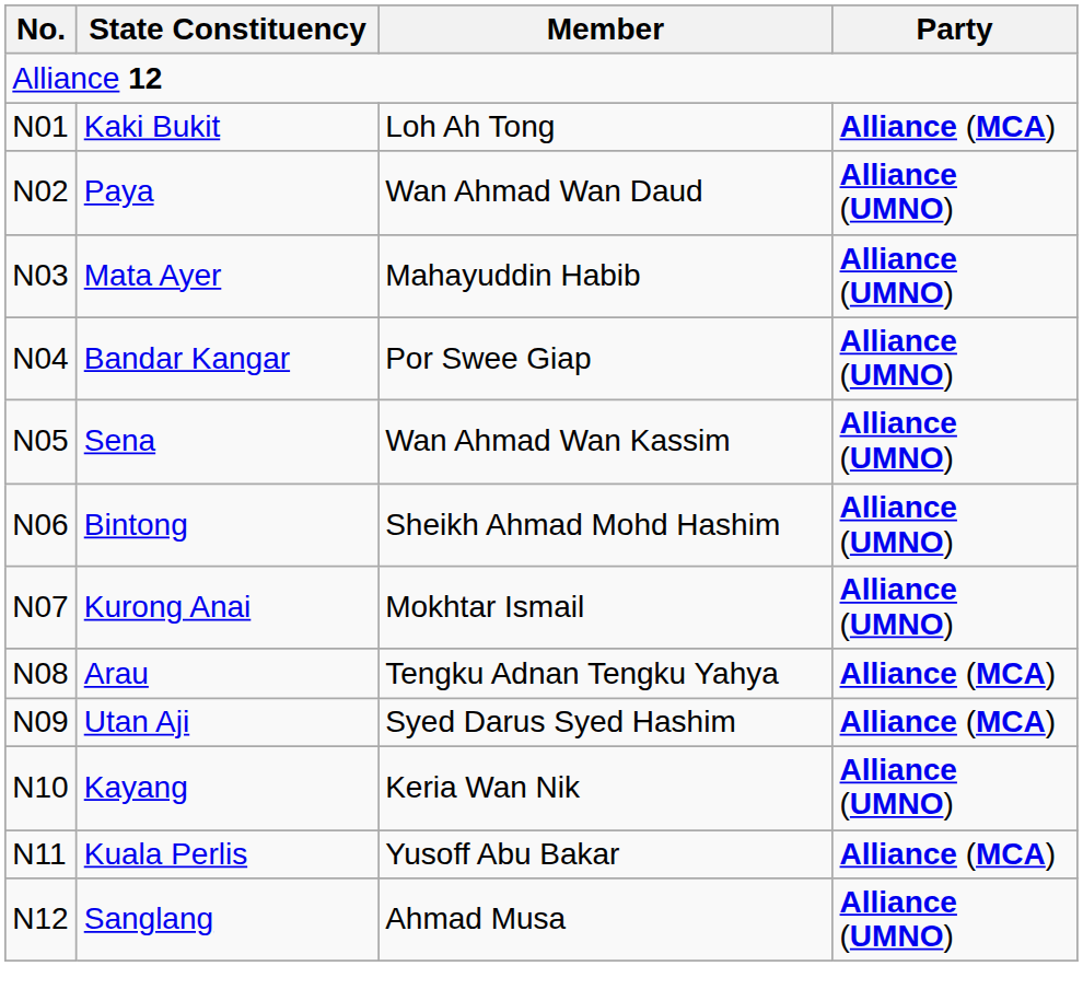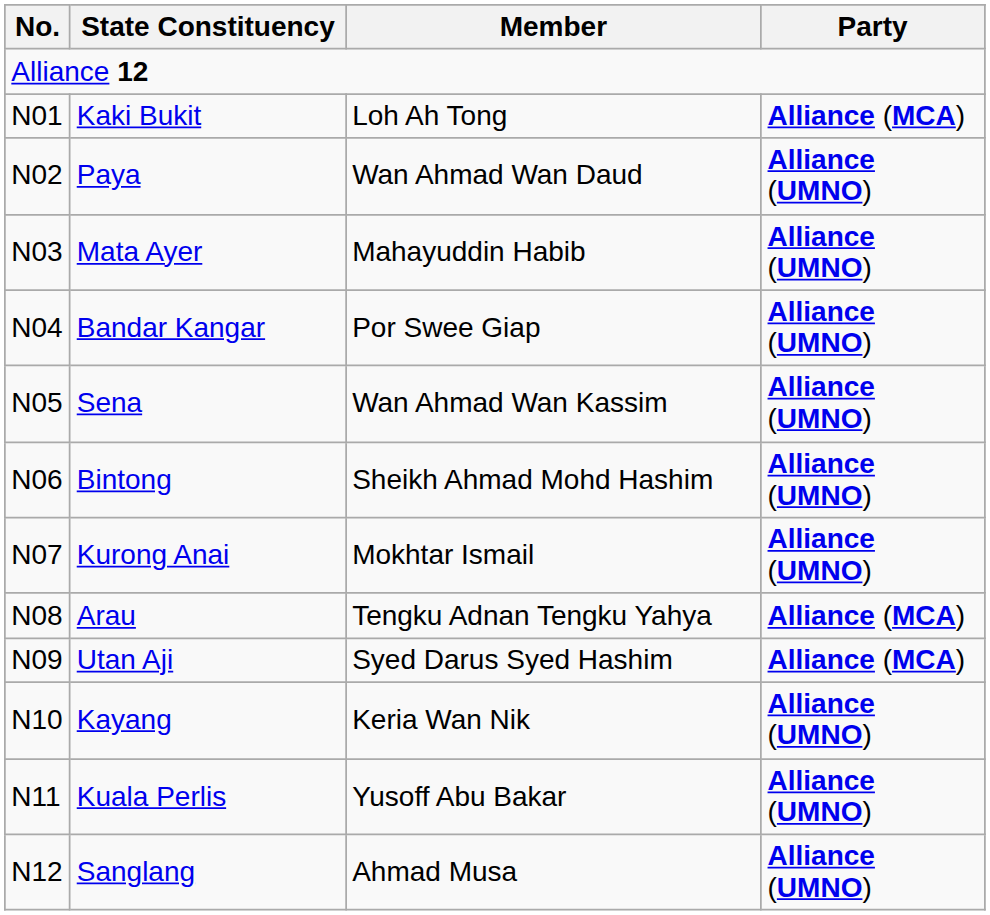 <table class="wikitable sortable">
 <tr>
 <th style="width:30px;">No.</th>
 <th style="width:150px;">State Constituency</th>
 <th style="width:230px;">Member</th>
 <th style="width:120px;">Party</th>
 </tr>
 <tr>
 <td colspan="4"><a href='#'>Alliance</a> <strong>12</strong></td>
 </tr>
 <tr>
 <td>N01</td>
 <td><a href='#'>Kaki Bukit</a></td>
 <td>Loh Ah Tong</td>
 <td><strong><a href='#'>Alliance</a></strong> (<strong><a href='#'>MCA</a></strong>)</td>
 </tr>
 <tr>
 <td>N02</td>
 <td><a href='#'>Paya</a></td>
 <td>Wan Ahmad Wan Daud</td>
 <td><strong><a href='#'>Alliance</a></strong> (<strong><a href='#'>UMNO</a></strong>)</td>
 </tr>
 <tr>
 <td>N03</td>
 <td><a href='#'>Mata Ayer</a></td>
 <td>Mahayuddin Habib</td>
 <td><strong><a href='#'>Alliance</a></strong> (<strong><a href='#'>UMNO</a></strong>)</td>
 </tr>
 <tr>
 <td>N04</td>
 <td><a href='#'>Bandar Kangar</a></td>
 <td>Por Swee Giap</td>
 <td><strong><a href='#'>Alliance</a></strong> (<strong><a href='#'>UMNO</a></strong>)</td>
 </tr>
 <tr>
 <td>N05</td>
 <td><a href='#'>Sena</a></td>
 <td>Wan Ahmad Wan Kassim</td>
 <td><strong><a href='#'>Alliance</a></strong> (<strong><a href='#'>UMNO</a></strong>)</td>
 </tr>
 <tr>
 <td>N06</td>
 <td><a href='#'>Bintong</a></td>
 <td>Sheikh Ahmad Mohd Hashim</td>
 <td><strong><a href='#'>Alliance</a></strong> (<strong><a href='#'>UMNO</a></strong>)</td>
 </tr>
 <tr>
 <td>N07</td>
 <td><a href='#'>Kurong Anai</a></td>
 <td>Mokhtar Ismail</td>
 <td><strong><a href='#'>Alliance</a></strong> (<strong><a href='#'>UMNO</a></strong>)</td>
 </tr>
 <tr>
 <td>N08</td>
 <td><a href='#'>Arau</a></td>
 <td>Tengku Adnan Tengku Yahya</td>
 <td><strong><a href='#'>Alliance</a></strong> (<strong><a href='#'>MCA</a></strong>)</td>
 </tr>
 <tr>
 <td>N09</td>
 <td><a href='#'>Utan Aji</a></td>
 <td>Syed Darus Syed Hashim</td>
 <td><strong><a href='#'>Alliance</a></strong> (<strong><a href='#'>MCA</a></strong>)</td>
 </tr>
 <tr>
 <td>N10</td>
 <td><a href='#'>Kayang</a></td>
 <td>Keria Wan Nik</td>
 <td><strong><a href='#'>Alliance</a></strong> (<strong><a href='#'>UMNO</a></strong>)</td>
 </tr>
 <tr>
 <td>N11</td>
 <td><a href='#'>Kuala Perlis</a></td>
 <td>Yusoff Abu Bakar</td>
-<td><strong><a href='#'>Alliance</a></strong> (<strong><a href='#'>MCA</a></strong>)</td>
+<td><strong><a href='#'>Alliance</a></strong> (<strong><a href='#'>UMNO</a></strong>)</td>
 </tr>
 <tr>
 <td>N12</td>
 <td><a href='#'>Sanglang</a></td>
 <td>Ahmad Musa</td>
 <td><strong><a href='#'>Alliance</a></strong> (<strong><a href='#'>UMNO</a></strong>)</td>
 </tr>
 </table>
